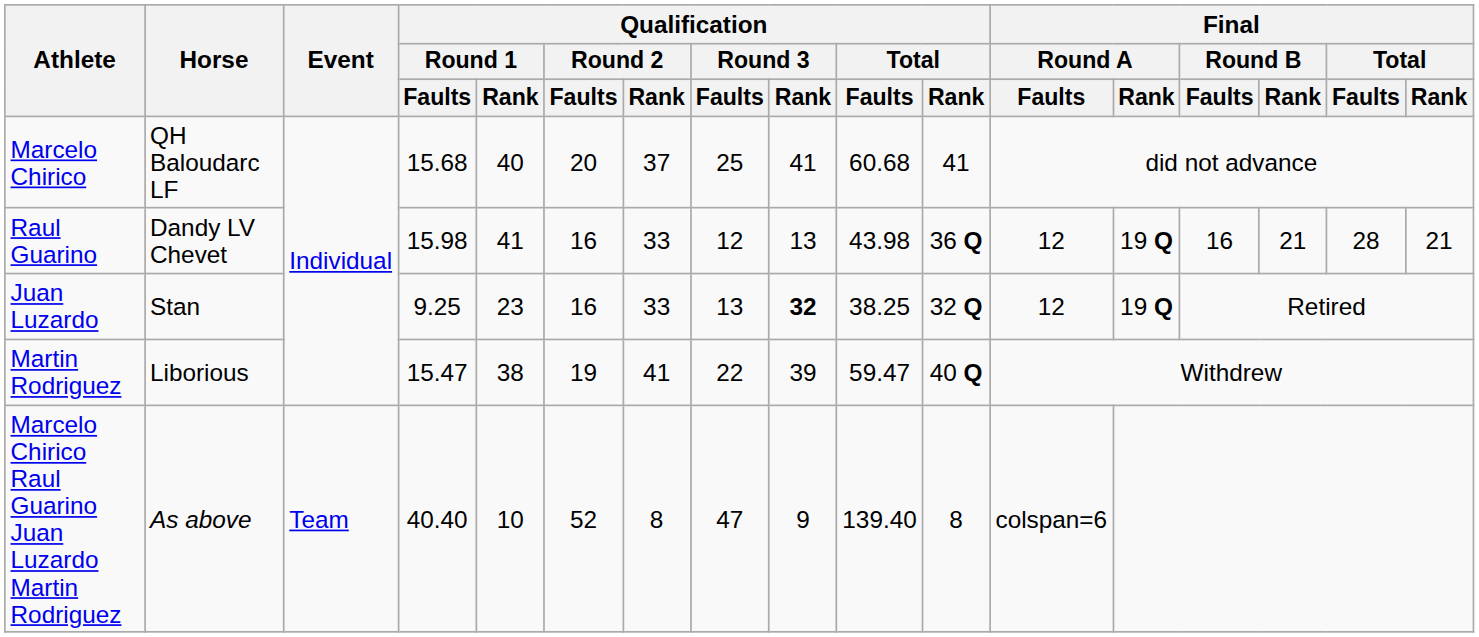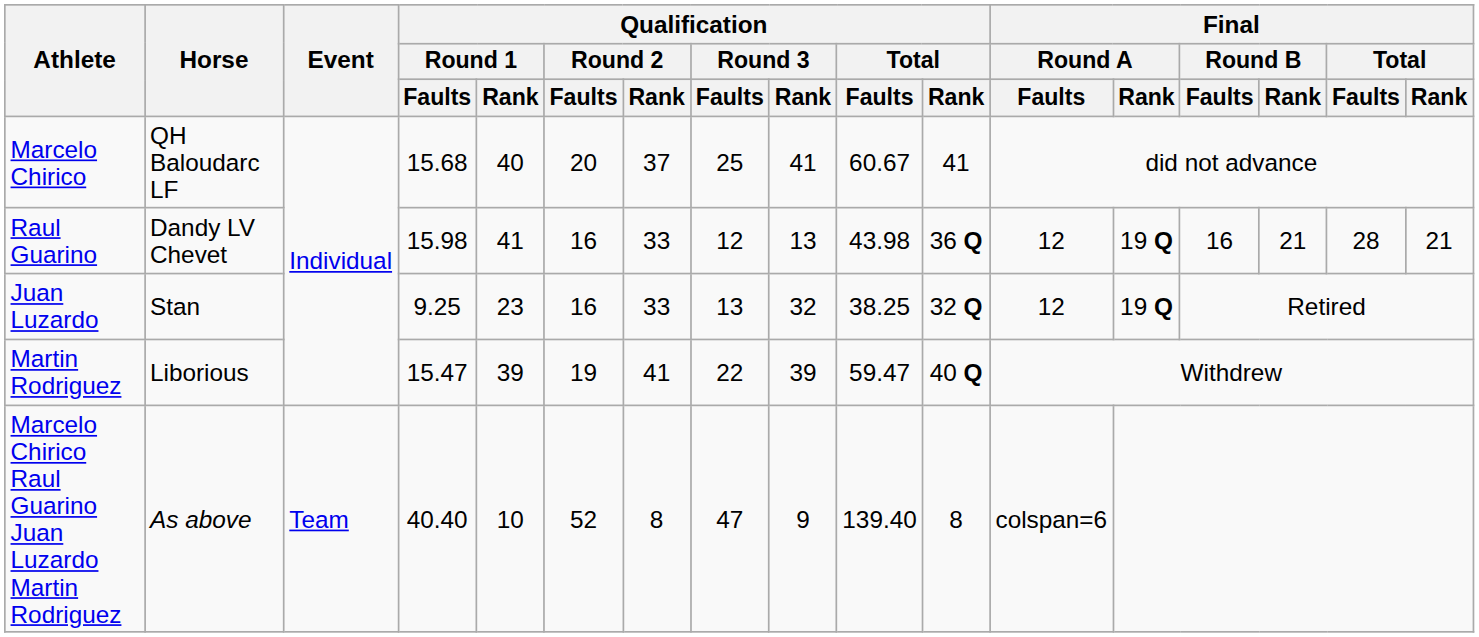 <table class=wikitable style=font-size:90%;text-align:center>
 <tr>
 <th rowspan=3>Athlete</th>
 <th rowspan=3>Horse</th>
 <th rowspan=3>Event</th>
 <th colspan=8>Qualification</th>
 <th colspan=6>Final</th>
 </tr>
 <tr style=font-size:95%>
 <th colspan=2>Round 1</th>
 <th colspan=2>Round 2</th>
 <th colspan=2>Round 3</th>
 <th colspan=2>Total</th>
 <th colspan=2>Round A</th>
 <th colspan=2>Round B</th>
 <th colspan=2>Total</th>
 </tr>
 <tr style=font-size:95%>
 <th>Faults</th>
 <th>Rank</th>
 <th>Faults</th>
 <th>Rank</th>
 <th>Faults</th>
 <th>Rank</th>
 <th>Faults</th>
 <th>Rank</th>
 <th>Faults</th>
 <th>Rank</th>
 <th>Faults</th>
 <th>Rank</th>
 <th>Faults</th>
 <th>Rank</th>
 </tr>
 <tr>
 <td align=left><a href='#'>Marcelo Chirico</a></td>
 <td align=left>QH Baloudarc LF</td>
 <td align=left rowspan=4><a href='#'>Individual</a></td>
 <td>15.68</td>
 <td>40</td>
 <td>20</td>
 <td>37</td>
 <td>25</td>
 <td>41</td>
-<td>60.68</td>
+<td>60.67</td>
 <td>41</td>
 <td colspan=6>did not advance</td>
 </tr>
 <tr>
 <td align=left><a href='#'>Raul Guarino</a></td>
 <td align=left>Dandy LV Chevet</td>
 <td>15.98</td>
 <td>41</td>
 <td>16</td>
 <td>33</td>
 <td>12</td>
 <td>13</td>
 <td>43.98</td>
 <td>36 <strong>Q</strong></td>
 <td>12</td>
 <td>19 <strong>Q</strong></td>
 <td>16</td>
 <td>21</td>
 <td>28</td>
 <td>21</td>
 </tr>
 <tr>
 <td align=left><a href='#'>Juan Luzardo</a></td>
 <td align=left>Stan</td>
 <td>9.25</td>
 <td>23</td>
 <td>16</td>
 <td>33</td>
 <td>13</td>
-<td><strong>32</strong></td>
+<td>32</td>
 <td>38.25</td>
 <td>32 <strong>Q</strong></td>
 <td>12</td>
 <td>19 <strong>Q</strong></td>
 <td colspan=4>Retired</td>
 </tr>
 <tr>
 <td align=left><a href='#'>Martin Rodriguez</a></td>
 <td align=left>Liborious</td>
 <td>15.47</td>
-<td>38</td>
+<td>39</td>
 <td>19</td>
 <td>41</td>
 <td>22</td>
 <td>39</td>
 <td>59.47</td>
 <td>40 <strong>Q</strong></td>
 <td colspan=6>Withdrew</td>
 </tr>
 <tr>
 <td align=left><a href='#'>Marcelo Chirico</a><br><a href='#'>Raul Guarino</a><br><a href='#'>Juan Luzardo</a><br><a href='#'>Martin Rodriguez</a></td>
 <td align=left><em>As above</em></td>
 <td align=left><a href='#'>Team</a></td>
 <td>40.40</td>
 <td>10</td>
 <td>52</td>
 <td>8</td>
 <td>47</td>
 <td>9</td>
 <td>139.40</td>
 <td>8</td>
 <td>colspan=6 </td>
 </tr>
 </table>
